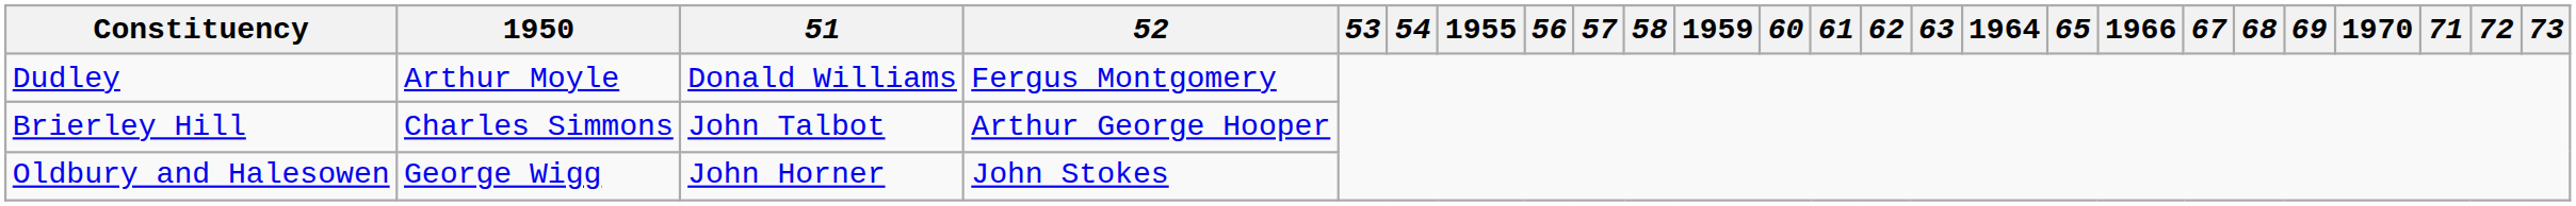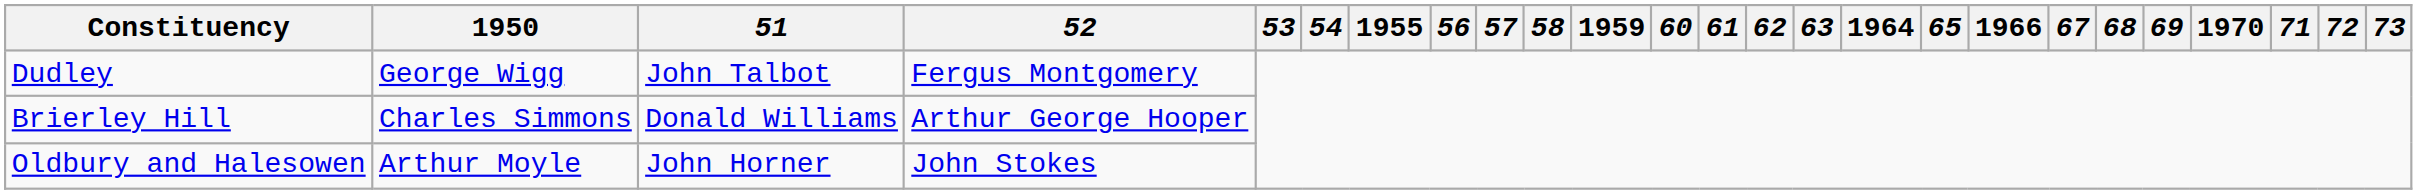 <table class="wikitable">
 <tr>
 <th>Constituency</th>
 <th>1950</th>
 <th><em>51</em></th>
 <th><em>52</em></th>
 <th><em>53</em></th>
 <th><em>54</em></th>
 <th>1955</th>
 <th><em>56</em></th>
 <th><em>57</em></th>
 <th><em>58</em></th>
 <th>1959</th>
 <th><em>60</em></th>
 <th><em>61</em></th>
 <th><em>62</em></th>
 <th><em>63</em></th>
 <th>1964</th>
 <th><em>65</em></th>
 <th>1966</th>
 <th><em>67</em></th>
 <th><em>68</em></th>
 <th><em>69</em></th>
 <th>1970</th>
 <th><em>71</em></th>
 <th><em>72</em></th>
 <th><em>73</em></th>
 </tr>
 <tr>
 <td><a href='#'>Dudley</a></td>
-<td><a href='#'>Arthur Moyle</a></td>
-<td><a href='#'>Donald Williams</a></td>
+<td><a href='#'>George Wigg</a></td>
+<td><a href='#'>John Talbot</a></td>
 <td><a href='#'>Fergus Montgomery</a></td>
 </tr>
 <tr>
 <td><a href='#'>Brierley Hill</a></td>
 <td><a href='#'>Charles Simmons</a></td>
-<td><a href='#'>John Talbot</a></td>
+<td><a href='#'>Donald Williams</a></td>
 <td><a href='#'>Arthur George Hooper</a></td>
 </tr>
 <tr>
 <td><a href='#'>Oldbury and Halesowen</a></td>
-<td><a href='#'>George Wigg</a></td>
+<td><a href='#'>Arthur Moyle</a></td>
 <td><a href='#'>John Horner</a></td>
 <td><a href='#'> John Stokes</a></td>
 </tr>
 </table>
